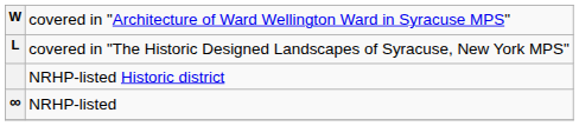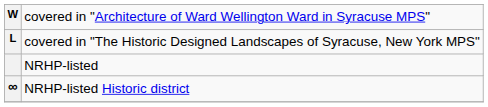 <table class="wikitable">
 <tr>
 <th><strong><sup>W</sup></strong></th>
 <td>covered in "<a href='#'>Architecture of Ward Wellington Ward in Syracuse MPS</a>"</td>
 </tr>
 <tr>
 <th><strong><sup>L</sup></strong></th>
 <td>covered in "The Historic Designed Landscapes of Syracuse, New York MPS"</td>
 </tr>
 <tr>
 <th><strong> </strong></th>
-<td>NRHP-listed <a href='#'>Historic district</a></td>
+<td>NRHP-listed</td>
 </tr>
 <tr>
 <th><strong><sup><big>∞</big></sup></strong></th>
-<td>NRHP-listed</td>
+<td>NRHP-listed <a href='#'>Historic district</a></td>
 </tr>
 <tr>
 </tr>
 </table>
